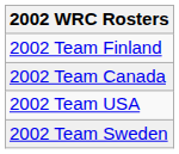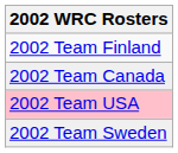 <table class=wikitable style="text-align:left;">
 <tr>
 <th>2002 WRC Rosters</th>
 </tr>
 <tr>
 <td> <a href='#'>2002 Team Finland</a></td>
 </tr>
 <tr bgcolor="#f0f0f0">
 <td> <a href='#'>2002 Team Canada</a></td>
 </tr>
 <tr>
-<td> <a href='#'>2002 Team USA</a></td>
+<td style="background: pink;"> <a href='#'>2002 Team USA</a></td>
 </tr>
 <tr bgcolor="#f0f0f0">
 <td> <a href='#'>2002 Team Sweden</a></td>
 </tr>
 </table>
